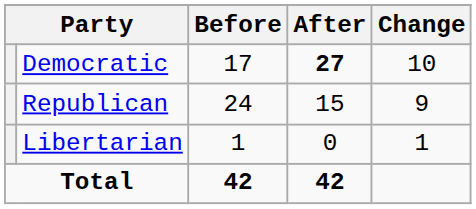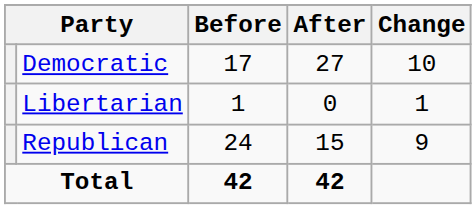 <table class="wikitable" style="text-align:center;">
 <tr>
 </tr>
 <tr>
 <th colspan=2>Party</th>
 <th>Before</th>
 <th>After</th>
 <th>Change</th>
 </tr>
 <tr>
 <th style="background-color:"></th>
 <td style="text-align:left;"><a href='#'>Democratic</a></td>
 <td>17</td>
-<td><strong>27</strong></td>
+<td>27</td>
 <td> 10</td>
+</tr>
+<tr>
+<th style="background-color:"></th>
+<td style="text-align:left;"><a href='#'>Libertarian</a></td>
+<td>1</td>
+<td>0</td>
+<td> 1</td>
 </tr>
 <tr>
 <th style="background-color:"></th>
 <td style="text-align:left;"><a href='#'>Republican</a></td>
 <td>24</td>
 <td>15</td>
 <td> 9</td>
 </tr>
 <tr>
-<th style="background-color:"></th>
-<td style="text-align:left;"><a href='#'>Libertarian</a></td>
-<td>1</td>
-<td>0</td>
-<td> 1</td>
-</tr>
-<tr>
 <td colspan=2><strong>Total</strong></td>
 <td><strong>42</strong></td>
 <td><strong>42</strong></td>
 <td></td>
 </tr>
 </table>
